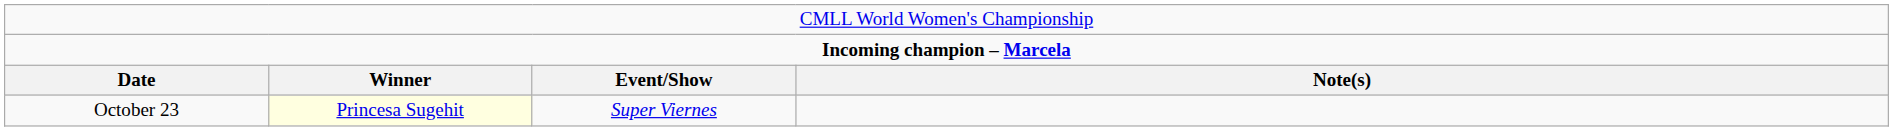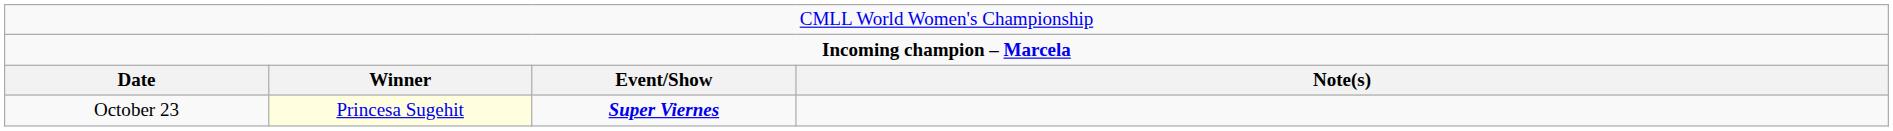 <table class="wikitable" style="text-align:center; width:100%;">
 <tr>
 <td colspan="4" style="text-align: center;"><a href='#'>CMLL World Women's Championship</a></td>
 </tr>
 <tr>
 <td colspan="4" style="text-align: center;"><strong>Incoming champion – <a href='#'>Marcela</a></strong></td>
 </tr>
 <tr>
 <th width=14%>Date</th>
 <th width=14%>Winner</th>
 <th width=14%>Event/Show</th>
 <th width=58%>Note(s)</th>
 </tr>
 <tr>
 <td>October 23</td>
 <td style="background: lightyellow;"><a href='#'>Princesa Sugehit</a></td>
-<td><em><a href='#'>Super Viernes</a></em></td>
+<td><strong><em><a href='#'>Super Viernes</a></em></strong></td>
 <td></td>
 </tr>
 </table>
